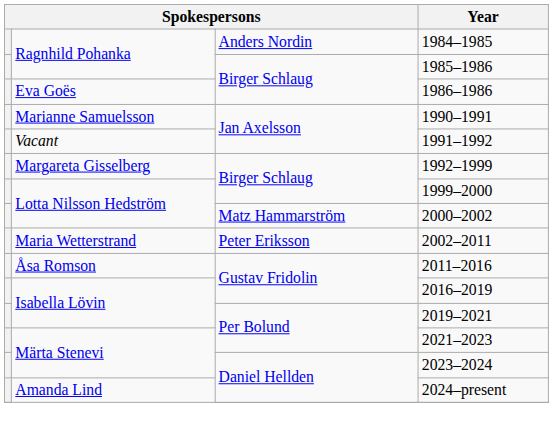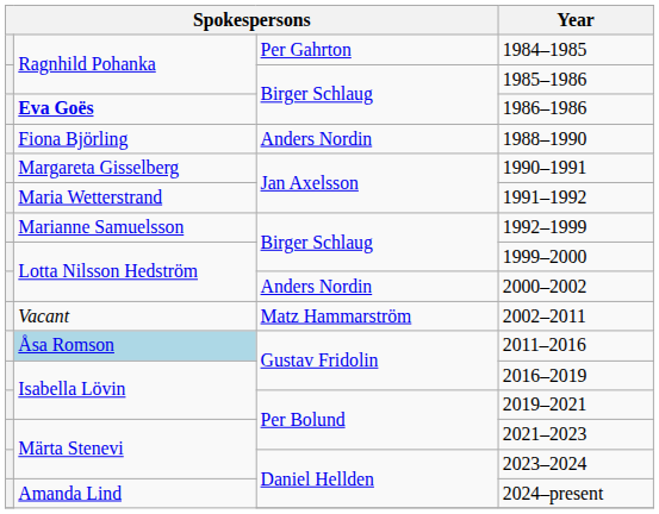 <table class="wikitable">
 <tr>
 <th colspan=3>Spokespersons</th>
 <th>Year</th>
 </tr>
 <tr>
 <th style="background:"></th>
 <td style="width:200px;"rowspan=2><a href='#'>Ragnhild Pohanka</a></td>
-<td style="width:200px;"><a href='#'>Anders Nordin</a></td>
+<td style="width:200px;"><a href='#'>Per Gahrton</a></td>
 <td style="width:125px;">1984–1985</td>
 </tr>
 <tr>
 <th style="background:"></th>
 <td style="width:200px;"rowspan=2><a href='#'>Birger Schlaug</a></td>
 <td style="width:125px;">1985–1986</td>
 </tr>
 <tr>
 <th style="background:"></th>
-<td style="width:200px;"><a href='#'>Eva Goës</a></td>
+<td style="width:200px;"><strong><a href='#'>Eva Goës</a></strong></td>
 <td style="width:125px;">1986–1986</td>
 </tr>
 <tr>
 <th style="background:"></th>
-<td style="width:200px;"><a href='#'>Marianne Samuelsson</a></td>
+<td style="width:200px;"><a href='#'>Fiona Björling</a></td>
+<td style="width:200px;"><a href='#'>Anders Nordin</a></td>
+<td style="width:125px;">1988–1990</td>
+</tr>
+<tr>
+<th style="background:"></th>
+<td style="width:200px;"><a href='#'>Margareta Gisselberg</a></td>
 <td style="width:200px;"rowspan=2><a href='#'>Jan Axelsson</a></td>
 <td style="width:125px;">1990–1991</td>
 </tr>
 <tr>
 <th style="background:"></th>
-<td style="width:200px;"><em>Vacant</em></td>
+<td style="width:200px;"><a href='#'>Maria Wetterstrand</a></td>
 <td style="width:125px;">1991–1992</td>
 </tr>
 <tr>
 <th style="background:"></th>
-<td style="width:200px;"><a href='#'>Margareta Gisselberg</a></td>
+<td style="width:200px;"><a href='#'>Marianne Samuelsson</a></td>
 <td style="width:200px;"rowspan=2><a href='#'>Birger Schlaug</a></td>
 <td style="width:125px;">1992–1999</td>
 </tr>
 <tr>
 <th style="background:"></th>
 <td style="width:200px;" rowspan=2><a href='#'>Lotta Nilsson Hedström</a></td>
 <td style="width:125px;">1999–2000</td>
 </tr>
 <tr>
 <th style="background:"></th>
-<td style="width:200px;" rowspan=1><a href='#'>Matz Hammarström</a></td>
+<td style="width:200px;"><a href='#'>Anders Nordin</a></td>
 <td style="width:125px;">2000–2002</td>
 </tr>
 <tr>
 <th style="background:"></th>
-<td style="width:200px;"><a href='#'>Maria Wetterstrand</a></td>
-<td style="width:200px;"><a href='#'>Peter Eriksson</a></td>
+<td style="width:200px;"><em>Vacant</em></td>
+<td style="width:200px;" rowspan=1><a href='#'>Matz Hammarström</a></td>
 <td style="width:125px;">2002–2011</td>
 </tr>
 <tr>
 <th style="background:"></th>
-<td style="width:200px;"><a href='#'>Åsa Romson</a></td>
+<td style="background: lightblue; width:200px;"><a href='#'>Åsa Romson</a></td>
 <td style="width:200px;"rowspan=2><a href='#'>Gustav Fridolin</a></td>
 <td style="width:125px;">2011–2016</td>
 </tr>
 <tr>
 <th style="background:"></th>
 <td style="width:200px;"rowspan=2><a href='#'>Isabella Lövin</a></td>
 <td style="width:125px;">2016–2019</td>
 </tr>
 <tr>
 <th style="background:"></th>
 <td style="width:200px;"rowspan=2><a href='#'>Per Bolund</a></td>
 <td style="width:125px;">2019–2021</td>
 </tr>
 <tr>
 <th style="background:"></th>
 <td style="width:200px;"rowspan=2><a href='#'>Märta Stenevi</a></td>
 <td style="width:125px;">2021–2023</td>
 </tr>
 <tr>
 <th style="background:"></th>
 <td style="width:200px;"rowspan=2><a href='#'>Daniel Hellden</a></td>
 <td style="width:125px;">2023–2024</td>
 </tr>
 <tr>
 <th style="background:"></th>
 <td style="width:200px;"rowspan=2><a href='#'>Amanda Lind</a></td>
 <td style="width:125px;">2024–present</td>
 </tr>
 <tr>
 </tr>
 </table>
